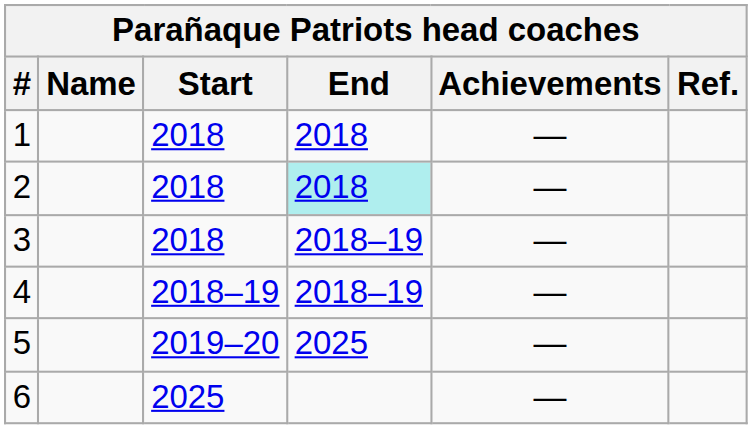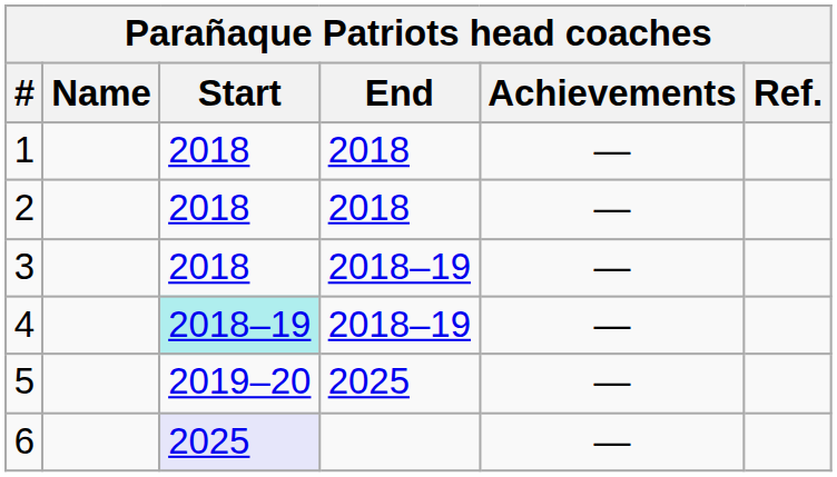 <table class="wikitable sortable">
 <tr>
 <th colspan="6">Parañaque Patriots head coaches</th>
 </tr>
 <tr>
 <th>#</th>
 <th>Name</th>
 <th>Start</th>
 <th>End</th>
 <th>Achievements</th>
 <th>Ref.</th>
 </tr>
 <tr>
 <td align=center>1</td>
 <td></td>
 <td><a href='#'>2018</a></td>
 <td><a href='#'>2018</a></td>
 <td align=center>—</td>
 <td></td>
 </tr>
 <tr>
 <td align=center>2</td>
 <td></td>
 <td><a href='#'>2018</a></td>
-<td style="background: paleturquoise;"><a href='#'>2018</a></td>
+<td><a href='#'>2018</a></td>
 <td align=center>—</td>
 <td></td>
 </tr>
 <tr>
 <td align=center>3</td>
 <td></td>
 <td><a href='#'>2018</a></td>
 <td><a href='#'>2018–19</a></td>
 <td align=center>—</td>
 <td></td>
 </tr>
 <tr>
 <td align=center>4</td>
 <td></td>
-<td><a href='#'>2018–19</a></td>
+<td style="background: paleturquoise;"><a href='#'>2018–19</a></td>
 <td><a href='#'>2018–19</a></td>
 <td align=center>—</td>
 <td></td>
 </tr>
 <tr>
 <td align=center>5</td>
 <td></td>
 <td><a href='#'>2019–20</a></td>
 <td><a href='#'>2025</a></td>
 <td align=center>—</td>
 <td></td>
 </tr>
 <tr>
 <td align=center>6</td>
 <td></td>
-<td><a href='#'>2025</a></td>
+<td style="background: lavender;"><a href='#'>2025</a></td>
 <td></td>
 <td align=center>—</td>
 </tr>
 </table>
